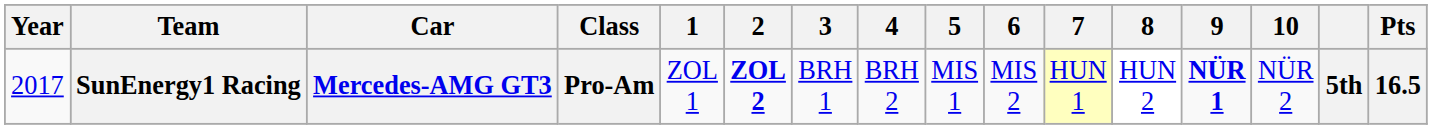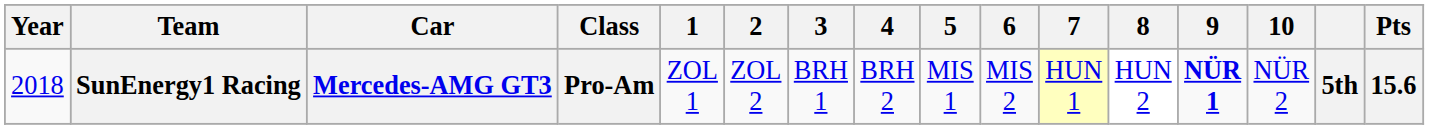 <table class="wikitable" border="1" style="text-align:center; font-size:90%;">
 <tr>
 <th>Year</th>
 <th>Team</th>
 <th>Car</th>
 <th>Class</th>
 <th>1</th>
 <th>2</th>
 <th>3</th>
 <th>4</th>
 <th>5</th>
 <th>6</th>
 <th>7</th>
 <th>8</th>
 <th>9</th>
 <th>10</th>
 <th></th>
 <th>Pts</th>
 </tr>
 <tr>
-<td><a href='#'>2017</a></td>
+<td><a href='#'>2018</a></td>
 <th>SunEnergy1 Racing</th>
 <th><a href='#'>Mercedes-AMG GT3</a></th>
 <th>Pro-Am</th>
 <td><a href='#'>ZOL<br>1</a></td>
-<td><strong><a href='#'>ZOL<br>2</a></strong></td>
+<td><a href='#'>ZOL<br>2</a></td>
 <td><a href='#'>BRH<br>1</a></td>
 <td><a href='#'>BRH<br>2</a></td>
 <td><a href='#'>MIS<br>1</a></td>
 <td><a href='#'>MIS<br>2</a></td>
 <td style="background:#FFFFBF"><a href='#'>HUN<br>1</a><br></td>
 <td style="background:#FFFFFF"><a href='#'>HUN<br>2</a><br></td>
 <td><strong><a href='#'>NÜR<br>1</a></strong></td>
 <td><a href='#'>NÜR<br>2</a></td>
 <th>5th</th>
-<th>16.5</th>
+<th>15.6</th>
 </tr>
 </table>
